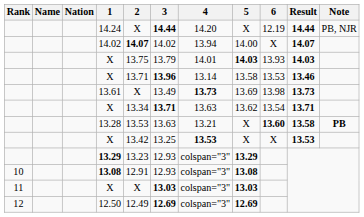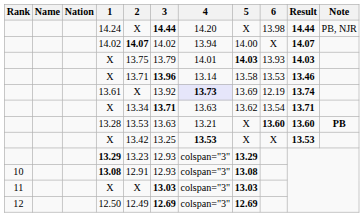 <table class="wikitable sortable" style="text-align:center">
 <tr>
 <th>Rank</th>
 <th>Name</th>
 <th>Nation</th>
 <th>1</th>
 <th>2</th>
 <th>3</th>
 <th>4</th>
 <th>5</th>
 <th>6</th>
 <th>Result</th>
 <th>Note</th>
 </tr>
 <tr>
 <td></td>
 <td align=left></td>
 <td align=left></td>
 <td>14.24</td>
 <td>X</td>
 <td><strong>14.44</strong></td>
 <td>14.20</td>
 <td>X</td>
-<td>12.19</td>
+<td>13.98</td>
 <td><strong>14.44</strong></td>
 <td>PB, NJR</td>
 </tr>
 <tr>
 <td></td>
 <td align=left></td>
 <td align=left></td>
 <td>14.02</td>
 <td><strong>14.07</strong></td>
 <td>14.02</td>
 <td>13.94</td>
 <td>14.00</td>
 <td>X</td>
 <td><strong>14.07</strong></td>
 <td></td>
 </tr>
 <tr>
 <td></td>
 <td align=left></td>
 <td align=left></td>
 <td>X</td>
 <td>13.75</td>
 <td>13.79</td>
 <td>14.01</td>
 <td><strong>14.03</strong></td>
 <td>13.93</td>
 <td><strong>14.03</strong></td>
 <td></td>
 </tr>
 <tr>
 <td></td>
 <td align=left></td>
 <td align=left></td>
 <td>X</td>
 <td>13.71</td>
 <td><strong>13.96</strong></td>
 <td>13.14</td>
 <td>13.58</td>
 <td>13.53</td>
 <td><strong>13.46</strong></td>
 <td></td>
 </tr>
 <tr>
 <td></td>
 <td align=left></td>
 <td align=left></td>
 <td>13.61</td>
 <td>X</td>
-<td>13.49</td>
-<td><strong>13.73</strong></td>
+<td>13.92</td>
+<td style="background: lavender;"><strong>13.73</strong></td>
 <td>13.69</td>
-<td>13.98</td>
-<td><strong>13.73</strong></td>
+<td>12.19</td>
+<td><strong>13.74</strong></td>
 <td></td>
 </tr>
 <tr>
 <td></td>
 <td align=left></td>
 <td align=left></td>
 <td>X</td>
 <td>13.34</td>
 <td><strong>13.71</strong></td>
 <td>13.63</td>
 <td>13.62</td>
 <td>13.54</td>
 <td><strong>13.71</strong></td>
 <td></td>
 </tr>
 <tr>
 <td></td>
 <td align=left></td>
 <td align=left></td>
 <td>13.28</td>
 <td>13.53</td>
 <td>13.63</td>
 <td>13.21</td>
 <td>X</td>
 <td><strong>13.60</strong></td>
-<td><strong>13.58</strong></td>
+<td><strong>13.60</strong></td>
 <td><strong>PB</strong></td>
 </tr>
 <tr>
 <td></td>
 <td align=left></td>
 <td align=left></td>
 <td>X</td>
 <td>13.42</td>
 <td>13.25</td>
 <td><strong>13.53</strong></td>
 <td>X</td>
 <td>X</td>
 <td><strong>13.53</strong></td>
 <td></td>
 </tr>
 <tr>
 <td></td>
 <td align=left></td>
 <td align=left></td>
 <td><strong>13.29</strong></td>
 <td>13.23</td>
 <td>12.93</td>
 <td>colspan="3" </td>
 <td><strong>13.29</strong></td>
 <td></td>
 </tr>
 <tr>
 <td>10</td>
 <td align=left></td>
 <td align=left></td>
 <td><strong>13.08</strong></td>
 <td>12.91</td>
 <td>12.93</td>
 <td>colspan="3" </td>
 <td><strong>13.08</strong></td>
 <td></td>
 </tr>
 <tr>
 <td>11</td>
 <td align=left></td>
 <td align=left></td>
 <td>X</td>
 <td>X</td>
 <td><strong>13.03</strong></td>
 <td>colspan="3" </td>
 <td><strong>13.03</strong></td>
 <td></td>
 </tr>
 <tr>
 <td>12</td>
 <td align=left></td>
 <td align=left></td>
 <td>12.50</td>
 <td>12.49</td>
 <td><strong>12.69</strong></td>
 <td>colspan="3" </td>
 <td><strong>12.69</strong></td>
 <td></td>
 </tr>
 </table>
